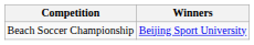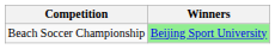 <table class="wikitable">
 <tr>
 <th>Competition</th>
 <th>Winners</th>
 </tr>
 <tr>
 <td>Beach Soccer Championship</td>
-<td><a href='#'>Beijing Sport University</a></td>
+<td style="background: lightgreen;"><a href='#'>Beijing Sport University</a></td>
 </tr>
 </table>
